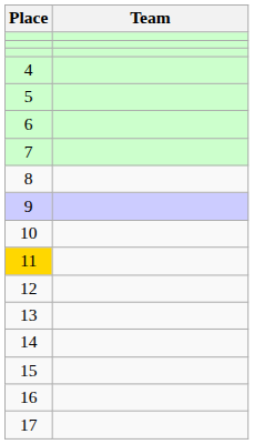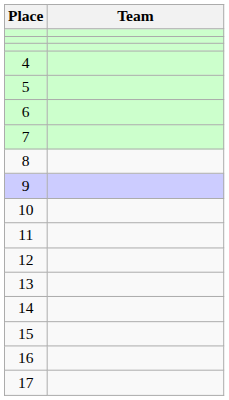 <table class="wikitable" style="text-align:center;">
 <tr>
 <th width=30>Place</th>
 <th width=175>Team</th>
 </tr>
 <tr bgcolor=ccffcc>
 <td></td>
 <td align="left"></td>
 </tr>
 <tr bgcolor=ccffcc>
 <td></td>
 <td align="left"></td>
 </tr>
 <tr bgcolor=ccffcc>
 <td></td>
 <td align="left"></td>
 </tr>
 <tr bgcolor=ccffcc>
 <td>4</td>
 <td align="left"></td>
 </tr>
 <tr bgcolor=ccffcc>
 <td>5</td>
 <td align="left"></td>
 </tr>
 <tr bgcolor=ccffcc>
 <td>6</td>
 <td align="left"></td>
 </tr>
 <tr bgcolor=ccffcc>
 <td>7</td>
 <td align="left"></td>
 </tr>
 <tr>
 <td>8</td>
 <td align="left"></td>
 </tr>
 <tr bgcolor=ccccff>
 <td>9</td>
 <td align="left"></td>
 </tr>
 <tr>
 <td>10</td>
 <td align="left"></td>
 </tr>
 <tr>
-<td style="background: gold;">11</td>
+<td>11</td>
 <td align="left"></td>
 </tr>
 <tr>
 <td>12</td>
 <td align="left"></td>
 </tr>
 <tr>
 <td>13</td>
 <td align="left"></td>
 </tr>
 <tr>
 <td>14</td>
 <td align="left"></td>
 </tr>
 <tr>
 <td>15</td>
 <td align="left"></td>
 </tr>
 <tr>
 <td>16</td>
 <td align="left"></td>
 </tr>
 <tr>
 <td>17</td>
 <td align="left"></td>
 </tr>
 </table>
